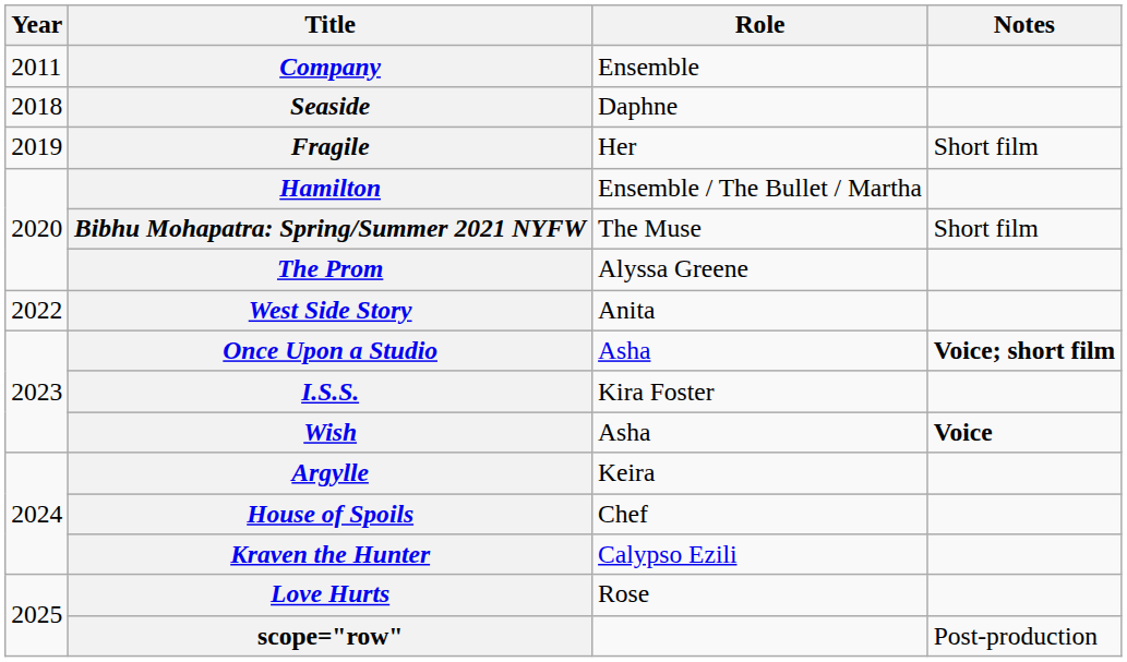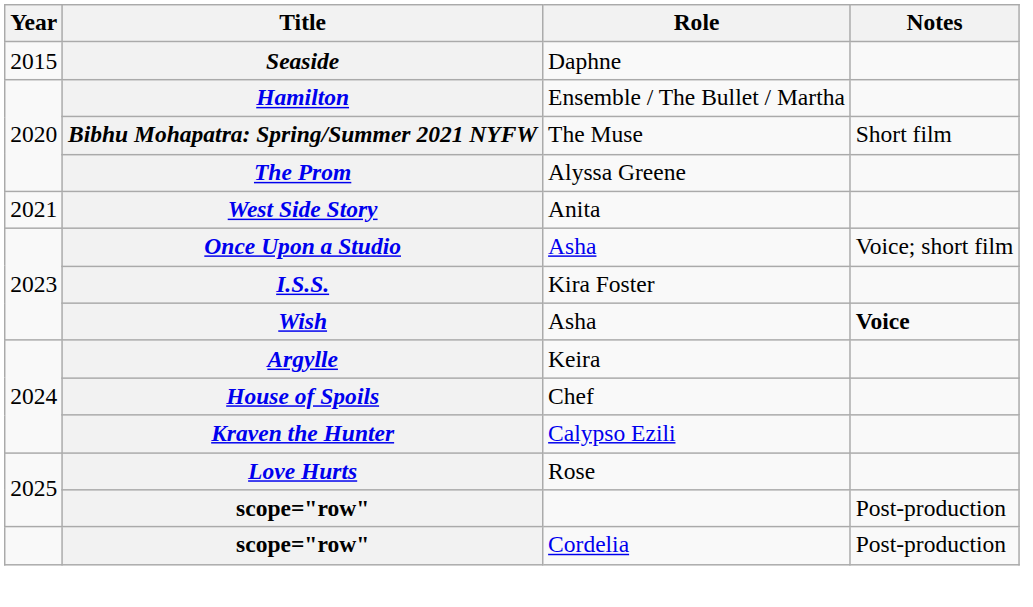 <table class="wikitable plainrowheaders sortable">
 <tr>
 <th scope="col">Year</th>
 <th scope="col">Title</th>
 <th scope="col">Role</th>
 <th scope="col" class="unsortable">Notes</th>
 </tr>
 <tr>
-<td>2011</td>
-<th scope="row"><em><a href='#'>Company</a></em></th>
-<td>Ensemble</td>
-<td></td>
-</tr>
-<tr>
-<td>2018</td>
+<td>2015</td>
 <th scope="row"><em>Seaside</em></th>
 <td>Daphne</td>
 <td></td>
-</tr>
-<tr>
-<td>2019</td>
-<th scope="row"><em>Fragile</em></th>
-<td>Her</td>
-<td>Short film</td>
 </tr>
 <tr>
 <td rowspan="3">2020</td>
 <th scope="row"><em><a href='#'>Hamilton</a></em></th>
 <td>Ensemble / The Bullet / Martha</td>
 <td></td>
 </tr>
 <tr>
 <th scope="row"><em>Bibhu Mohapatra: Spring/Summer 2021 NYFW</em></th>
 <td>The Muse</td>
 <td>Short film</td>
 </tr>
 <tr>
 <th scope="row"><em><a href='#'>The Prom</a></em></th>
 <td>Alyssa Greene</td>
 <td></td>
 </tr>
 <tr>
-<td>2022</td>
+<td>2021</td>
 <th scope="row"><em><a href='#'>West Side Story</a></em></th>
 <td>Anita</td>
 <td></td>
 </tr>
 <tr>
 <td rowspan="3">2023</td>
 <th scope="row"><em><a href='#'>Once Upon a Studio</a></em></th>
 <td><a href='#'>Asha</a></td>
-<td><strong>Voice; short film</strong></td>
+<td>Voice; short film</td>
 </tr>
 <tr>
 <th scope="row"><em><a href='#'>I.S.S.</a></em></th>
 <td>Kira Foster</td>
 <td></td>
 </tr>
 <tr>
 <th scope="row"><em><a href='#'>Wish</a></em></th>
 <td>Asha</td>
 <td><strong>Voice</strong></td>
 </tr>
 <tr>
 <td rowspan="3">2024</td>
 <th scope="row"><em><a href='#'>Argylle</a></em></th>
 <td>Keira</td>
 <td></td>
 </tr>
 <tr>
 <th scope="row"><em><a href='#'>House of Spoils</a></em></th>
 <td>Chef</td>
 <td></td>
 </tr>
 <tr>
 <th scope="row"><em><a href='#'>Kraven the Hunter</a></em></th>
 <td><a href='#'>Calypso Ezili</a></td>
 <td></td>
 </tr>
 <tr>
 <td rowspan="2">2025</td>
 <th scope="row"><em><a href='#'>Love Hurts</a></em></th>
 <td>Rose</td>
 <td></td>
 </tr>
 <tr>
 <th>scope="row" </th>
 <td></td>
 <td>Post-production</td>
 </tr>
+<tr>
+<td></td>
+<th>scope="row" </th>
+<td><a href='#'>Cordelia</a></td>
+<td>Post-production</td>
+</tr>
 </table>
